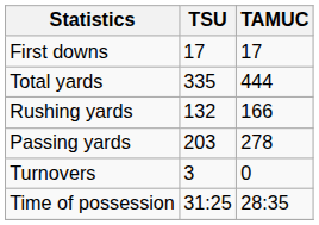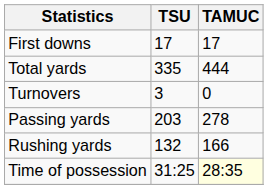 <table class="wikitable" style="float: left;">
 <tr>
 <th>Statistics</th>
 <th>TSU</th>
 <th>TAMUC</th>
 </tr>
 <tr>
 <td>First downs</td>
 <td>17</td>
 <td>17</td>
 </tr>
 <tr>
 <td>Total yards</td>
 <td>335</td>
 <td>444</td>
 </tr>
 <tr>
-<td>Rushing yards</td>
-<td>132</td>
-<td>166</td>
+<td>Turnovers</td>
+<td>3</td>
+<td>0</td>
 </tr>
 <tr>
 <td>Passing yards</td>
 <td>203</td>
 <td>278</td>
 </tr>
 <tr>
-<td>Turnovers</td>
-<td>3</td>
-<td>0</td>
+<td>Rushing yards</td>
+<td>132</td>
+<td>166</td>
 </tr>
 <tr>
 <td>Time of possession</td>
 <td>31:25</td>
-<td>28:35</td>
+<td style="background: lightyellow;">28:35</td>
 </tr>
 <tr>
 </tr>
 </table>
